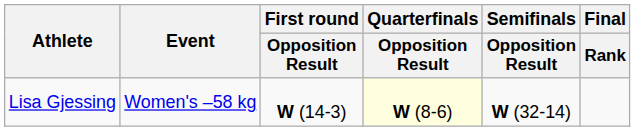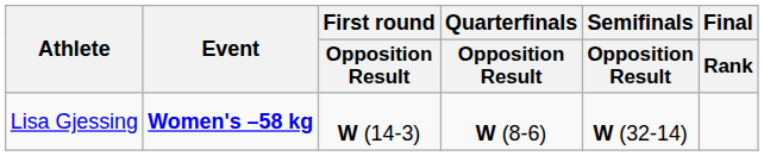 <table class="wikitable" style="font-size:90%;">
 <tr>
 <th rowspan=2>Athlete</th>
 <th rowspan=2>Event</th>
 <th>First round</th>
 <th>Quarterfinals</th>
 <th>Semifinals</th>
 <th colspan=2>Final</th>
 </tr>
 <tr style="font-size:95%">
 <th>Opposition<br>Result</th>
 <th>Opposition<br>Result</th>
 <th>Opposition<br>Result</th>
 <th>Rank</th>
 </tr>
 <tr align=center>
 <td align=left><a href='#'>Lisa Gjessing</a></td>
-<td align=left><a href='#'>Women's –58 kg</a></td>
+<td align=left><strong><a href='#'>Women's –58 kg</a></strong></td>
 <td><br><strong>W</strong> (14-3)</td>
-<td style="background: lightyellow;"><br><strong>W</strong> (8-6)</td>
+<td><br><strong>W</strong> (8-6)</td>
 <td><br><strong>W</strong> (32-14)</td>
 <td></td>
 </tr>
 </table>
